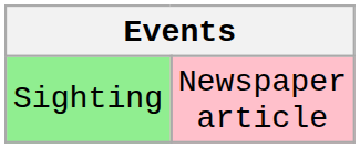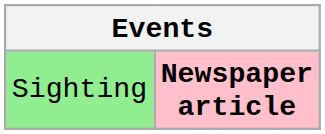 <table class="wikitable"  style="width:3px; text-align:center;">
 <tr>
 <th colspan="2">Events</th>
 </tr>
 <tr>
 <td style="background:lightgreen; width:100px;">Sighting</td>
-<td style="background:pink; width:100px;">Newspaper article</td>
+<td style="background:pink; width:100px;"><strong>Newspaper article</strong></td>
 </tr>
 </table>
